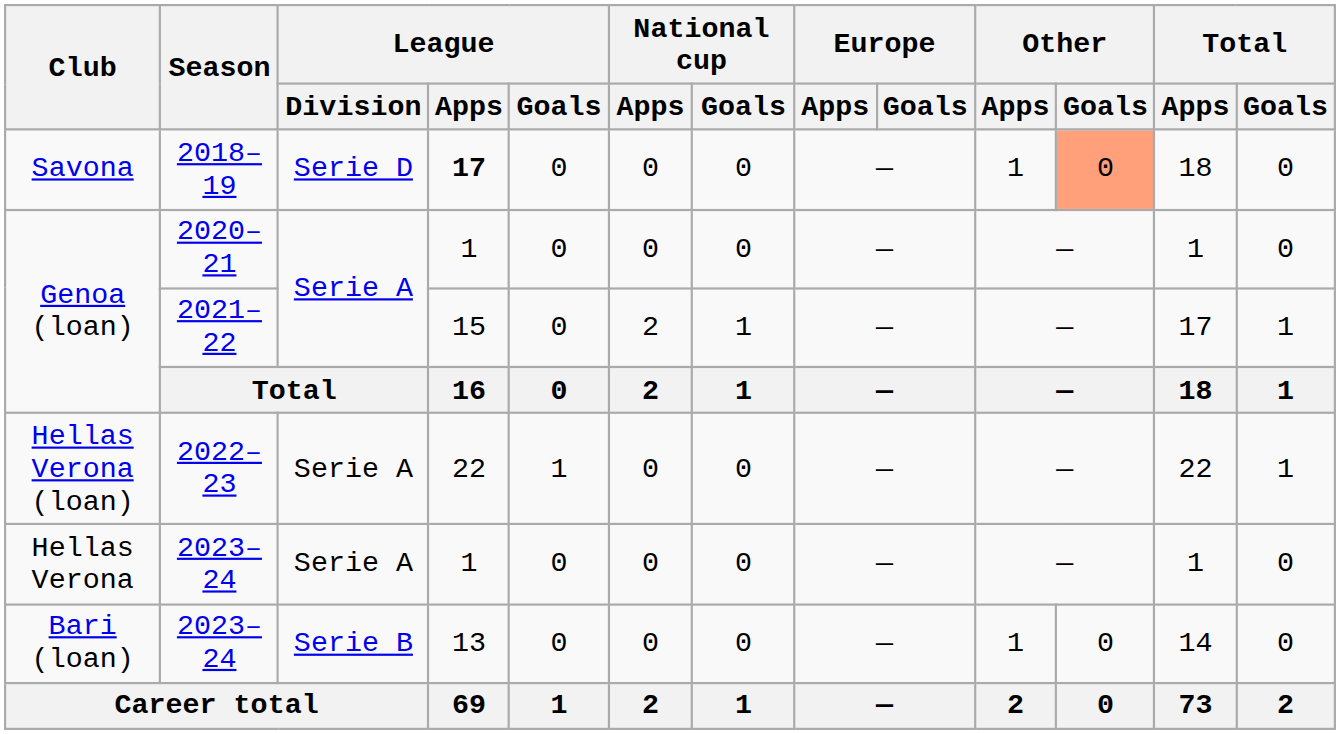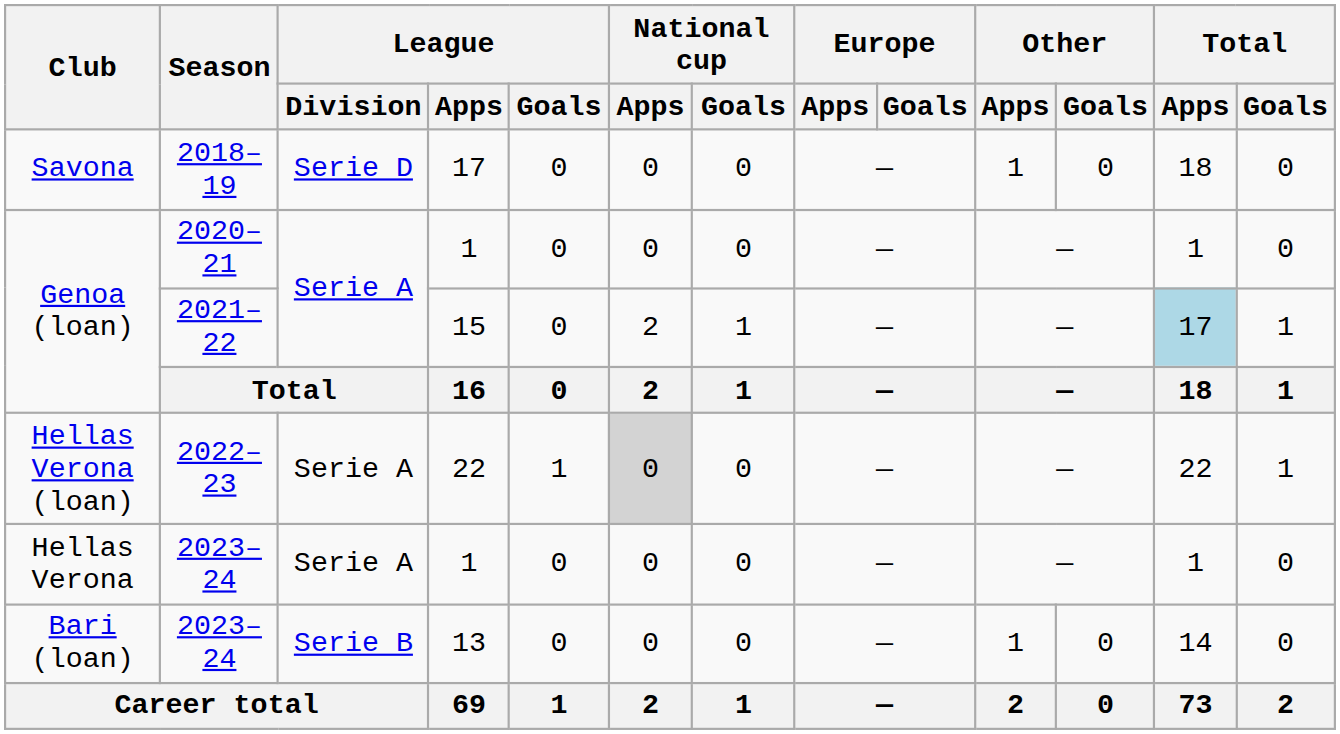 <table class="wikitable" style="text-align:center">
 <tr>
 <th rowspan="2">Club</th>
 <th rowspan="2">Season</th>
 <th colspan="3">League</th>
 <th colspan="2">National cup</th>
 <th colspan="2">Europe</th>
 <th colspan="2">Other</th>
 <th colspan="2">Total</th>
 </tr>
 <tr>
 <th>Division</th>
 <th>Apps</th>
 <th>Goals</th>
 <th>Apps</th>
 <th>Goals</th>
 <th>Apps</th>
 <th>Goals</th>
 <th>Apps</th>
 <th>Goals</th>
 <th>Apps</th>
 <th>Goals</th>
 </tr>
 <tr>
 <td><a href='#'>Savona</a></td>
 <td><a href='#'>2018–19</a></td>
 <td><a href='#'>Serie D</a></td>
-<td><strong>17</strong></td>
+<td>17</td>
 <td>0</td>
 <td>0</td>
 <td>0</td>
 <td colspan="2">—</td>
 <td>1</td>
-<td style="background: lightsalmon;">0</td>
+<td>0</td>
 <td>18</td>
 <td>0</td>
 </tr>
 <tr>
 <td rowspan="3"><a href='#'>Genoa</a> (loan)</td>
 <td><a href='#'>2020–21</a></td>
 <td rowspan="2"><a href='#'>Serie A</a></td>
 <td>1</td>
 <td>0</td>
 <td>0</td>
 <td>0</td>
 <td colspan="2">—</td>
 <td colspan="2">—</td>
 <td>1</td>
 <td>0</td>
 </tr>
 <tr>
 <td><a href='#'>2021–22</a></td>
 <td>15</td>
 <td>0</td>
 <td>2</td>
 <td>1</td>
 <td colspan="2">—</td>
 <td colspan="2">—</td>
-<td>17</td>
+<td style="background: lightblue;">17</td>
 <td>1</td>
 </tr>
 <tr>
 <th colspan="2">Total</th>
 <th>16</th>
 <th>0</th>
 <th>2</th>
 <th>1</th>
 <th colspan="2">—</th>
 <th colspan="2">—</th>
 <th>18</th>
 <th>1</th>
 </tr>
 <tr>
 <td><a href='#'>Hellas Verona</a> (loan)</td>
 <td><a href='#'>2022–23</a></td>
 <td>Serie A</td>
 <td>22</td>
 <td>1</td>
-<td>0</td>
+<td style="background: lightgrey;">0</td>
 <td>0</td>
 <td colspan="2">—</td>
 <td colspan="2">—</td>
 <td>22</td>
 <td>1</td>
 </tr>
 <tr>
 <td>Hellas Verona</td>
 <td><a href='#'>2023–24</a></td>
 <td>Serie A</td>
 <td>1</td>
 <td>0</td>
 <td>0</td>
 <td>0</td>
 <td colspan="2">—</td>
 <td colspan="2">—</td>
 <td>1</td>
 <td>0</td>
 </tr>
 <tr>
 <td><a href='#'>Bari</a> (loan)</td>
 <td><a href='#'>2023–24</a></td>
 <td><a href='#'>Serie B</a></td>
 <td>13</td>
 <td>0</td>
 <td>0</td>
 <td>0</td>
 <td colspan="2">—</td>
 <td>1</td>
 <td>0</td>
 <td>14</td>
 <td>0</td>
 </tr>
 <tr>
 <th colspan="3">Career total</th>
 <th>69</th>
 <th>1</th>
 <th>2</th>
 <th>1</th>
 <th colspan="2">—</th>
 <th>2</th>
 <th>0</th>
 <th>73</th>
 <th>2</th>
 </tr>
 </table>
